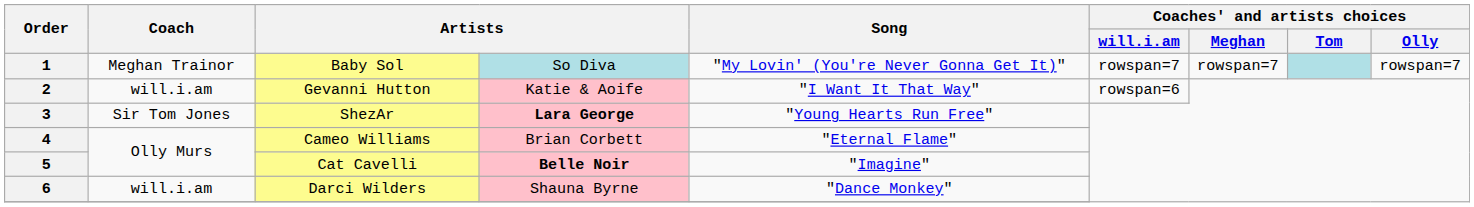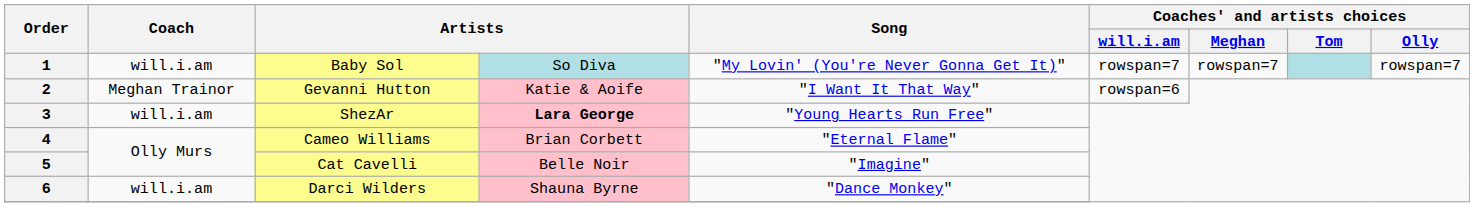 <table class="wikitable" style="text-align:center; width:100%;">
 <tr>
 <th scope="col" style="width:05%;" rowspan="2">Order</th>
 <th scope="col" style="width:10%;" rowspan="2">Coach</th>
 <th scope="col" style="width:26%;" colspan="2" rowspan="2">Artists</th>
 <th scope="col" style="width:24%;" rowspan="2">Song</th>
 <th scope="col" style="width:20%;" colspan="4">Coaches' and artists choices</th>
 </tr>
 <tr>
 <th style="width:05%;"><a href='#'>will.i.am</a></th>
 <th style="width:05%;"><a href='#'>Meghan</a></th>
 <th style="width:05%;"><a href='#'>Tom</a></th>
 <th style="width:05%;"><a href='#'>Olly</a></th>
 </tr>
 <tr>
 <th scope="col">1</th>
-<td>Meghan Trainor</td>
+<td>will.i.am</td>
 <td style="background:#fdfc8f;text-align:center;">Baby Sol</td>
 <td style="background:#b0e0e6;text-align:center;">So Diva</td>
 <td>"<a href='#'>My Lovin' (You're Never Gonna Get It)</a>"</td>
 <td>rowspan=7 </td>
 <td>rowspan=7 </td>
 <td style="background:#b0e0e6;"><strong></strong></td>
 <td>rowspan=7 </td>
 </tr>
 <tr>
 <th scope="col">2</th>
-<td>will.i.am</td>
+<td>Meghan Trainor</td>
 <td style="background:#fdfc8f;text-align:center;">Gevanni Hutton</td>
 <td style="background:pink;text-align:center;">Katie & Aoife</td>
 <td>"<a href='#'>I Want It That Way</a>"</td>
 <td>rowspan=6 </td>
 </tr>
 <tr>
 <th scope="col">3</th>
-<td>Sir Tom Jones</td>
+<td>will.i.am</td>
 <td style="background:#fdfc8f;text-align:center;">ShezAr</td>
 <td style="background:pink;text-align:center;"><strong>Lara George</strong></td>
 <td>"<a href='#'>Young Hearts Run Free</a>"</td>
 </tr>
 <tr>
 <th scope="col">4</th>
 <td rowspan="2">Olly Murs</td>
 <td style="background:#fdfc8f;text-align:center;">Cameo Williams</td>
 <td style="background:pink;text-align:center;">Brian Corbett</td>
 <td>"<a href='#'>Eternal Flame</a>"</td>
 </tr>
 <tr>
 <th scope="col">5</th>
 <td style="background:#fdfc8f;text-align:center;">Cat Cavelli</td>
-<td style="background:pink;text-align:center;"><strong>Belle Noir</strong></td>
+<td style="background:pink;text-align:center;">Belle Noir</td>
 <td>"<a href='#'>Imagine</a>"</td>
 </tr>
 <tr>
 <th scope="col">6</th>
 <td>will.i.am</td>
 <td style="background:#fdfc8f;text-align:center;">Darci Wilders</td>
 <td style="background:pink;text-align:center;">Shauna Byrne</td>
 <td>"<a href='#'>Dance Monkey</a>"</td>
 </tr>
 <tr>
 </tr>
 </table>
